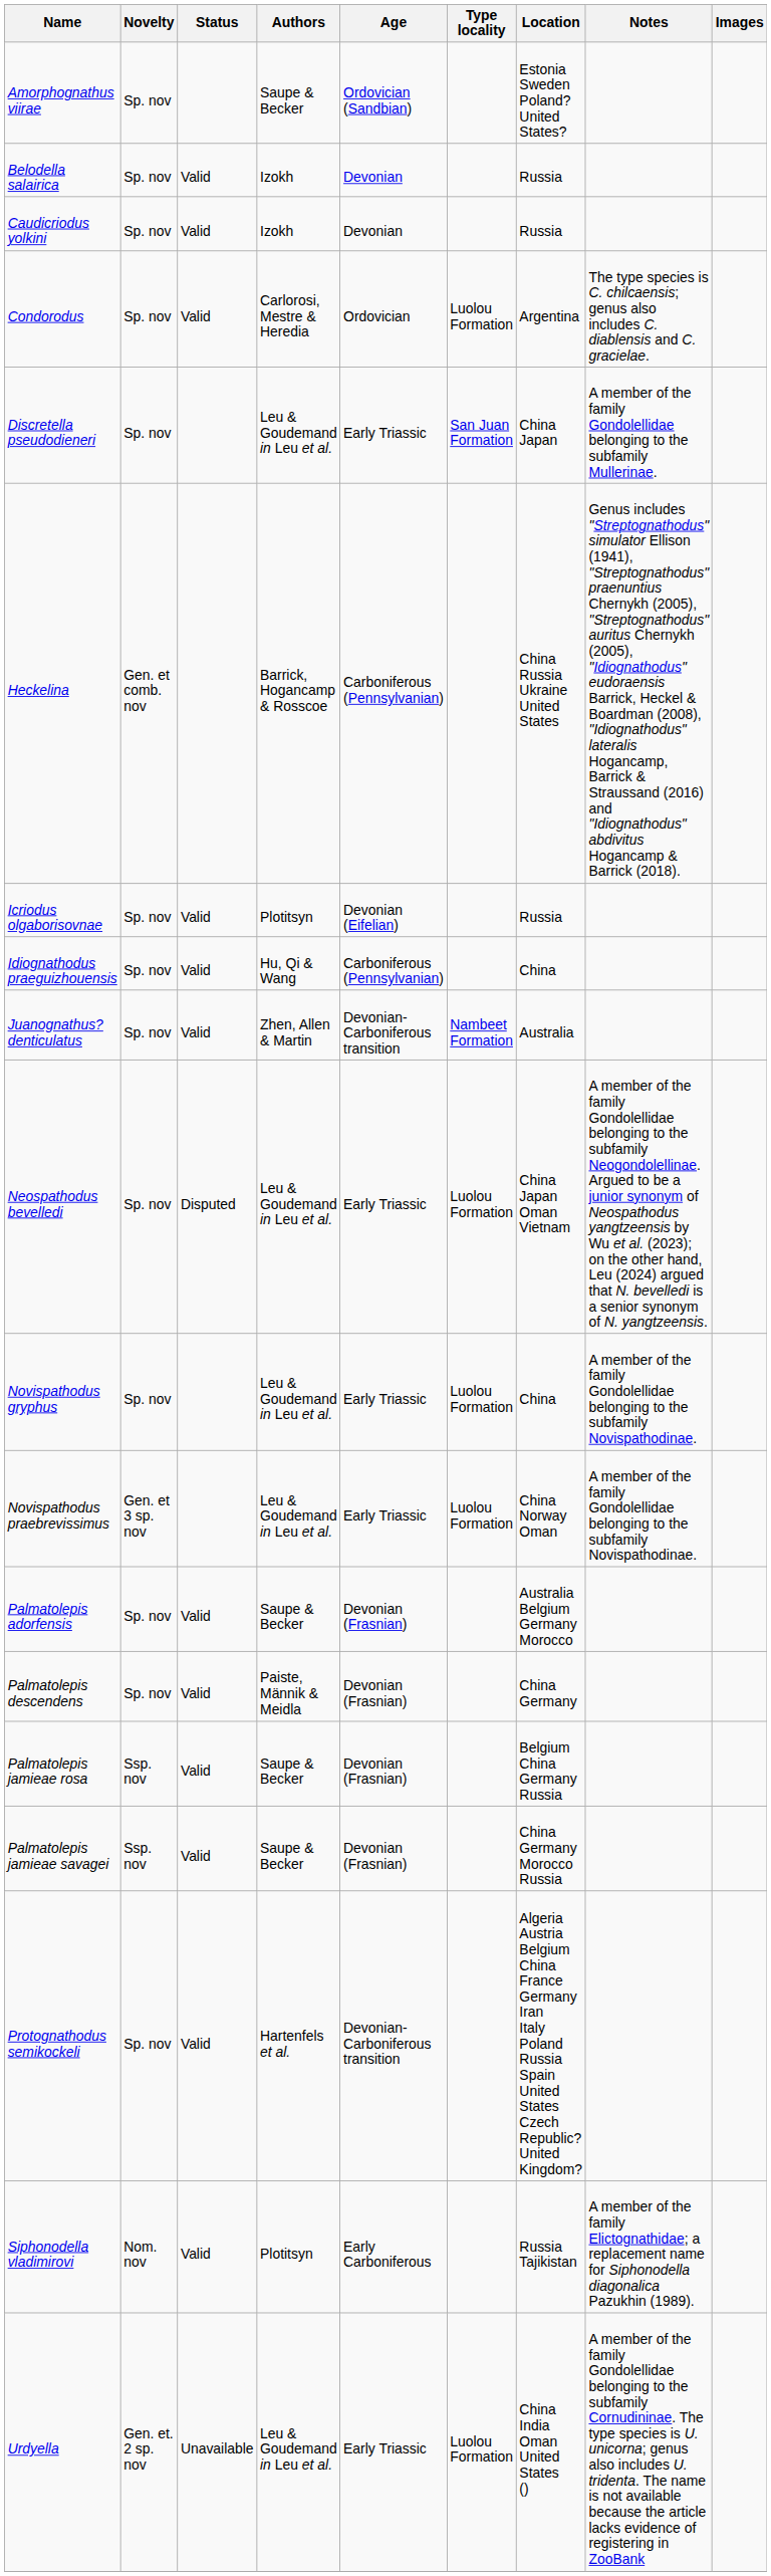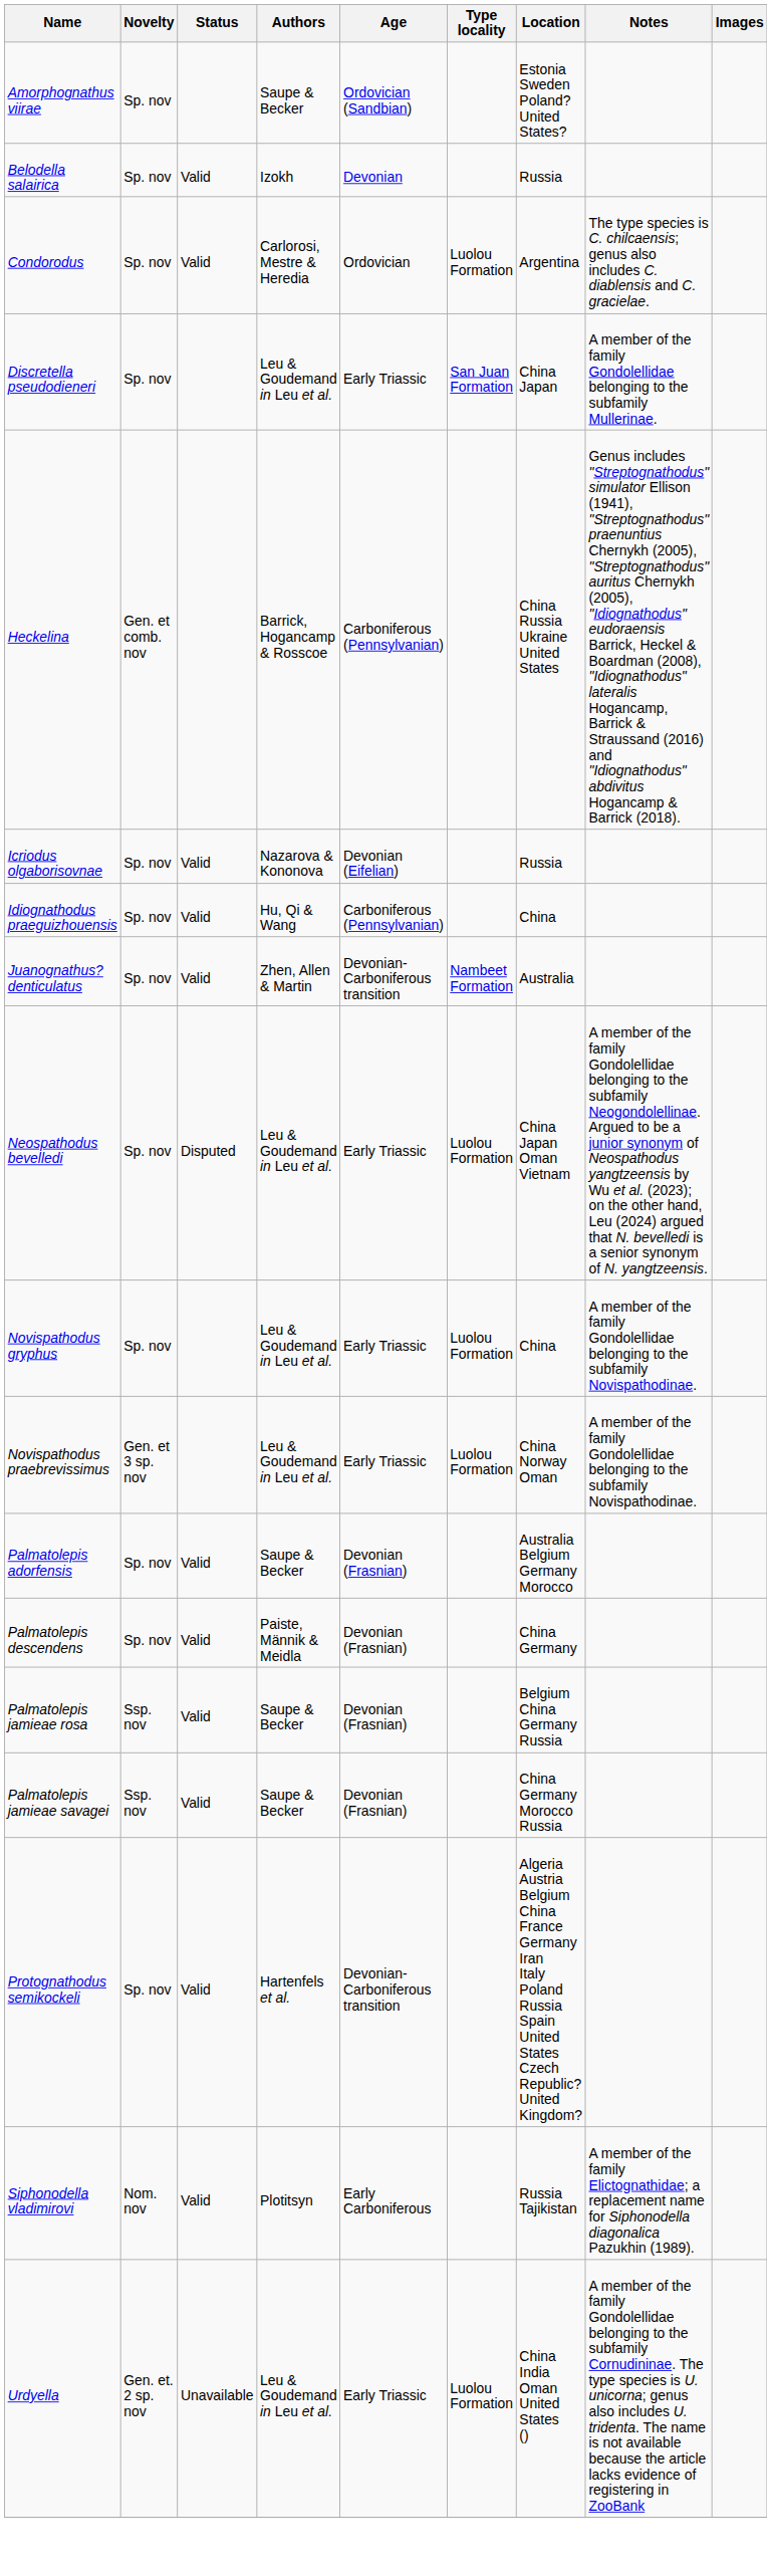 <table class="wikitable sortable" align="center" width="100%">
 <tr>
 <th>Name</th>
 <th>Novelty</th>
 <th>Status</th>
 <th>Authors</th>
 <th>Age</th>
 <th>Type locality</th>
 <th>Location</th>
 <th>Notes</th>
 <th>Images</th>
 </tr>
 <tr>
 <td><br><em><a href='#'>Amorphognathus viirae</a></em></td>
 <td><br>Sp. nov</td>
 <td></td>
 <td><br>Saupe & Becker</td>
 <td><br><a href='#'>Ordovician</a> (<a href='#'>Sandbian</a>)</td>
 <td></td>
 <td><br>Estonia<br> Sweden<br> Poland?<br> United States?</td>
 <td></td>
 <td></td>
 </tr>
 <tr>
 <td><br><em><a href='#'>Belodella salairica</a></em></td>
 <td><br>Sp. nov</td>
 <td><br>Valid</td>
 <td><br>Izokh</td>
 <td><br><a href='#'>Devonian</a></td>
-<td></td>
-<td><br>Russia</td>
-<td></td>
-<td></td>
-</tr>
-<tr>
-<td><br><em><a href='#'>Caudicriodus yolkini</a></em></td>
-<td><br>Sp. nov</td>
-<td><br>Valid</td>
-<td><br>Izokh</td>
-<td><br>Devonian</td>
 <td></td>
 <td><br>Russia</td>
 <td></td>
 <td></td>
 </tr>
 <tr>
 <td><br><em><a href='#'>Condorodus</a></em></td>
 <td><br>Sp. nov</td>
 <td><br>Valid</td>
 <td><br>Carlorosi, Mestre & Heredia</td>
 <td><br>Ordovician</td>
 <td><br>Luolou Formation</td>
 <td><br>Argentina</td>
 <td><br>The type species is <em>C. chilcaensis</em>; genus also includes <em>C. diablensis</em> and <em>C. gracielae</em>.</td>
 <td></td>
 </tr>
 <tr>
 <td><br><em><a href='#'>Discretella pseudodieneri</a></em></td>
 <td><br>Sp. nov</td>
 <td></td>
 <td><br>Leu & Goudemand <em>in</em> Leu <em>et al.</em></td>
 <td><br>Early Triassic</td>
 <td><br><a href='#'>San Juan Formation</a></td>
 <td><br>China<br> Japan</td>
 <td><br>A member of the family <a href='#'>Gondolellidae</a> belonging to the subfamily <a href='#'>Mullerinae</a>.</td>
 <td></td>
 </tr>
 <tr>
 <td><br><em><a href='#'>Heckelina</a></em></td>
 <td><br>Gen. et comb. nov</td>
 <td></td>
 <td><br>Barrick, Hogancamp & Rosscoe</td>
 <td><br>Carboniferous (<a href='#'>Pennsylvanian</a>)</td>
 <td></td>
 <td><br>China<br> Russia<br> Ukraine<br> United States</td>
 <td><br>Genus includes <em>"<a href='#'>Streptognathodus</a>" simulator</em> Ellison (1941), <em>"Streptognathodus" praenuntius</em> Chernykh (2005), <em>"Streptognathodus" auritus</em> Chernykh (2005), <em>"<a href='#'>Idiognathodus</a>" eudoraensis</em> Barrick, Heckel & Boardman (2008), <em>"Idiognathodus" lateralis</em> Hogancamp, Barrick & Straussand (2016) and <em>"Idiognathodus" abdivitus</em> Hogancamp & Barrick (2018).</td>
 <td></td>
 </tr>
 <tr>
 <td><br><em><a href='#'>Icriodus olgaborisovnae</a></em></td>
 <td><br>Sp. nov</td>
 <td><br>Valid</td>
-<td><br>Plotitsyn</td>
+<td><br>Nazarova & Kononova</td>
 <td><br>Devonian (<a href='#'>Eifelian</a>)</td>
 <td></td>
 <td><br>Russia</td>
 <td></td>
 <td></td>
 </tr>
 <tr>
 <td><br><em><a href='#'>Idiognathodus praeguizhouensis</a></em></td>
 <td><br>Sp. nov</td>
 <td><br>Valid</td>
 <td><br>Hu, Qi & Wang</td>
 <td><br>Carboniferous (<a href='#'>Pennsylvanian</a>)</td>
 <td></td>
 <td><br>China</td>
 <td></td>
 <td></td>
 </tr>
 <tr>
 <td><br><em><a href='#'>Juanognathus? denticulatus</a></em></td>
 <td><br>Sp. nov</td>
 <td><br>Valid</td>
 <td><br>Zhen, Allen & Martin</td>
 <td><br>Devonian-Carboniferous transition</td>
 <td><br><a href='#'>Nambeet Formation</a></td>
 <td><br>Australia</td>
 <td></td>
 <td></td>
 </tr>
 <tr>
 <td><br><em><a href='#'>Neospathodus bevelledi</a></em></td>
 <td><br>Sp. nov</td>
 <td><br>Disputed</td>
 <td><br>Leu & Goudemand <em>in</em> Leu <em>et al.</em></td>
 <td><br>Early Triassic</td>
 <td><br>Luolou Formation</td>
 <td><br>China<br> Japan<br> Oman<br> Vietnam</td>
 <td><br>A member of the family Gondolellidae belonging to the subfamily <a href='#'>Neogondolellinae</a>. Argued to be a <a href='#'>junior synonym</a> of <em>Neospathodus yangtzeensis</em> by Wu <em>et al.</em> (2023); on the other hand, Leu (2024) argued that <em>N. bevelledi</em> is a senior synonym of <em>N. yangtzeensis</em>.</td>
 <td></td>
 </tr>
 <tr>
 <td><br><em><a href='#'>Novispathodus gryphus</a></em></td>
 <td><br>Sp. nov</td>
 <td></td>
 <td><br>Leu & Goudemand <em>in</em> Leu <em>et al.</em></td>
 <td><br>Early Triassic</td>
 <td><br>Luolou Formation</td>
 <td><br>China</td>
 <td><br>A member of the family Gondolellidae belonging to the subfamily <a href='#'>Novispathodinae</a>.</td>
 <td></td>
 </tr>
 <tr>
 <td><br><em>Novispathodus praebrevissimus</em></td>
 <td><br>Gen. et 3 sp. nov</td>
 <td></td>
 <td><br>Leu & Goudemand <em>in</em> Leu <em>et al.</em></td>
 <td><br>Early Triassic</td>
 <td><br>Luolou Formation</td>
 <td><br>China<br> Norway<br> Oman</td>
 <td><br>A member of the family Gondolellidae belonging to the subfamily Novispathodinae.</td>
 <td></td>
 </tr>
 <tr>
 <td><br><em><a href='#'>Palmatolepis adorfensis</a></em></td>
 <td><br>Sp. nov</td>
 <td><br>Valid</td>
 <td><br>Saupe & Becker</td>
 <td><br>Devonian (<a href='#'>Frasnian</a>)</td>
 <td></td>
 <td><br>Australia<br> Belgium<br> Germany<br> Morocco</td>
 <td></td>
 <td></td>
 </tr>
 <tr>
 <td><br><em>Palmatolepis descendens</em></td>
 <td><br>Sp. nov</td>
 <td><br>Valid</td>
 <td><br>Paiste, Männik & Meidla</td>
 <td><br>Devonian (Frasnian)</td>
 <td></td>
 <td><br>China<br> Germany</td>
 <td></td>
 <td></td>
 </tr>
 <tr>
 <td><br><em>Palmatolepis jamieae rosa</em></td>
 <td><br>Ssp. nov</td>
 <td><br>Valid</td>
 <td><br>Saupe & Becker</td>
 <td><br>Devonian (Frasnian)</td>
 <td></td>
 <td><br>Belgium<br> China<br> Germany<br> Russia</td>
 <td></td>
 <td></td>
 </tr>
 <tr>
 <td><br><em>Palmatolepis jamieae savagei</em></td>
 <td><br>Ssp. nov</td>
 <td><br>Valid</td>
 <td><br>Saupe & Becker</td>
 <td><br>Devonian (Frasnian)</td>
 <td></td>
 <td><br>China<br> Germany<br> Morocco<br> Russia</td>
 <td></td>
 <td></td>
 </tr>
 <tr>
 <td><br><em><a href='#'>Protognathodus semikockeli</a></em></td>
 <td><br>Sp. nov</td>
 <td><br>Valid</td>
 <td><br>Hartenfels <em>et al.</em></td>
 <td><br>Devonian-Carboniferous transition</td>
 <td></td>
 <td><br>Algeria<br> Austria<br> Belgium<br> China<br> France<br> Germany<br> Iran<br> Italy<br> Poland<br> Russia<br> Spain<br> United States<br> Czech Republic?<br> United Kingdom?</td>
 <td></td>
 <td></td>
 </tr>
 <tr>
 <td><br><em><a href='#'>Siphonodella vladimirovi</a></em></td>
 <td><br>Nom. nov</td>
 <td><br>Valid</td>
 <td><br>Plotitsyn</td>
 <td><br>Early Carboniferous</td>
 <td></td>
 <td><br>Russia<br> Tajikistan</td>
 <td><br>A member of the family <a href='#'>Elictognathidae</a>; a replacement name for <em>Siphonodella diagonalica</em> Pazukhin (1989).</td>
 <td></td>
 </tr>
 <tr>
 <td><br><em><a href='#'>Urdyella</a></em></td>
 <td><br>Gen. et. 2 sp. nov</td>
 <td><br>Unavailable</td>
 <td><br>Leu & Goudemand <em>in</em> Leu <em>et al.</em></td>
 <td><br>Early Triassic</td>
 <td><br>Luolou Formation</td>
 <td><br>China<br> India<br> Oman<br> United States<br>()</td>
 <td><br>A member of the family Gondolellidae belonging to the subfamily <a href='#'>Cornudininae</a>. The type species is <em>U. unicorna</em>; genus also includes <em>U. tridenta</em>. The name is not available because the article lacks evidence of registering in <a href='#'>ZooBank</a></td>
 <td></td>
 </tr>
 <tr>
 </tr>
 </table>
